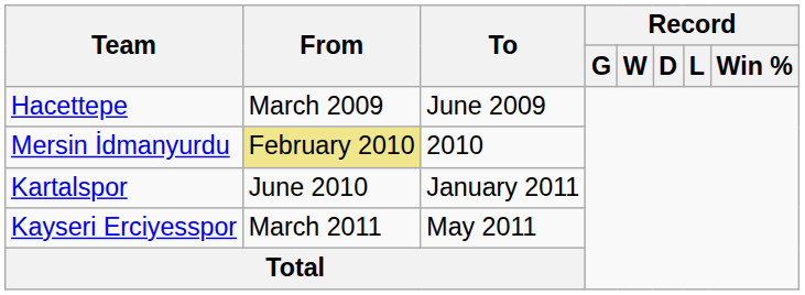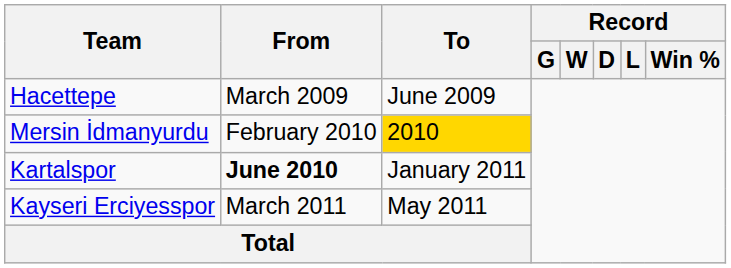 <table class="wikitable" style="text-align: center">
 <tr>
 <th rowspan="2">Team</th>
 <th rowspan="2">From</th>
 <th rowspan="2">To</th>
 <th colspan="5">Record</th>
 </tr>
 <tr>
 <th>G</th>
 <th>W</th>
 <th>D</th>
 <th>L</th>
 <th>Win %</th>
 </tr>
 <tr>
 <td align=left><a href='#'>Hacettepe</a></td>
 <td align=left>March 2009</td>
 <td align=left>June 2009<br></td>
 </tr>
 <tr>
 <td align=left><a href='#'>Mersin İdmanyurdu</a></td>
-<td align=left style="background: khaki;">February 2010</td>
-<td align=left>2010<br></td>
+<td align=left>February 2010</td>
+<td align=left style="background: gold;">2010<br></td>
 </tr>
 <tr>
 <td align=left><a href='#'>Kartalspor</a></td>
-<td align=left>June 2010</td>
+<td align=left><strong>June 2010</strong></td>
 <td align=left>January 2011<br></td>
 </tr>
 <tr>
 <td align=left><a href='#'>Kayseri Erciyesspor</a></td>
 <td align=left>March 2011</td>
 <td align=left>May 2011<br></td>
 </tr>
 <tr>
 <th colspan="3" align="center" valign=middle>Total<br></th>
 </tr>
 </table>
